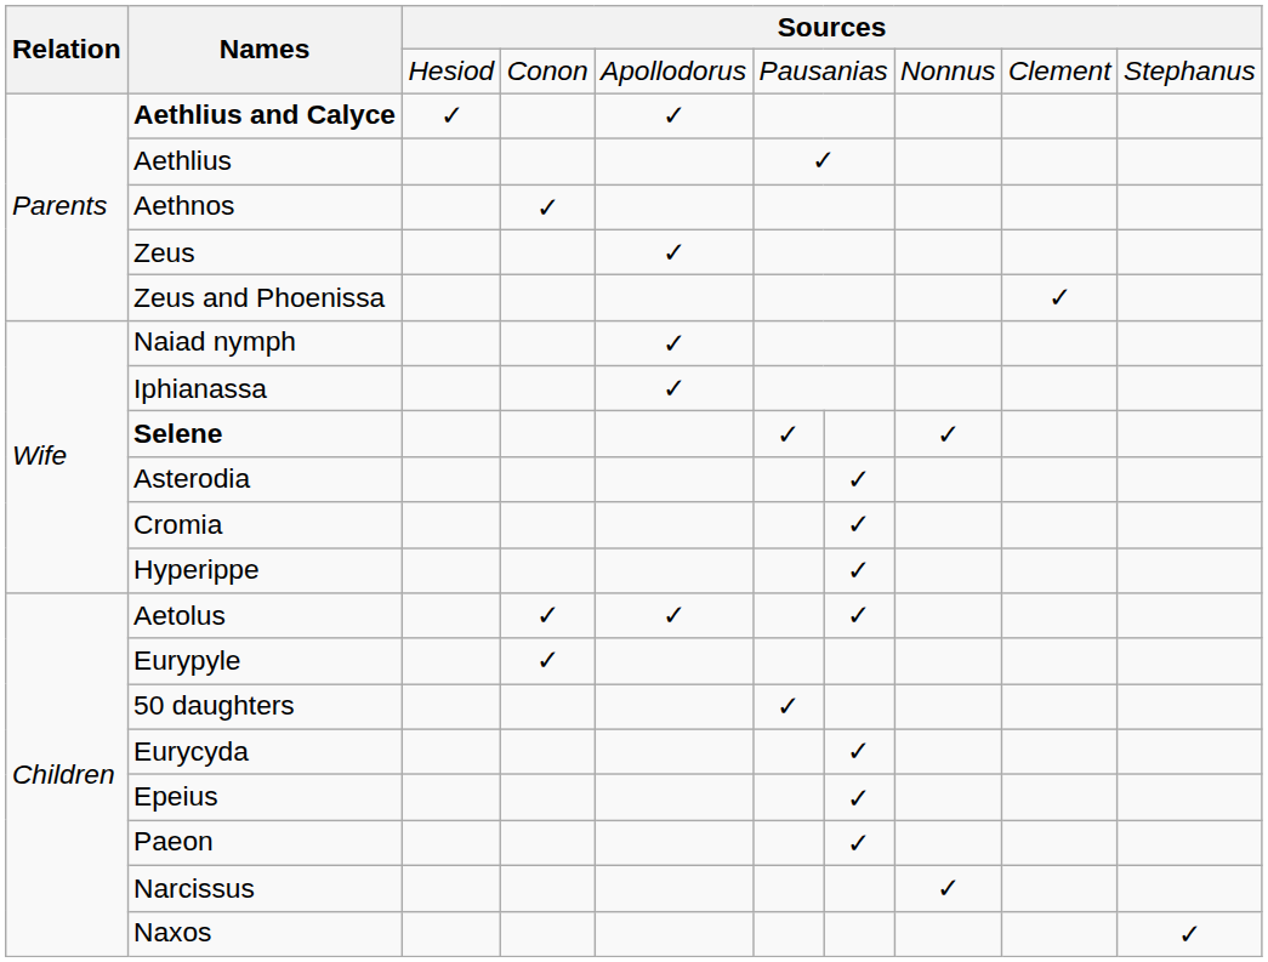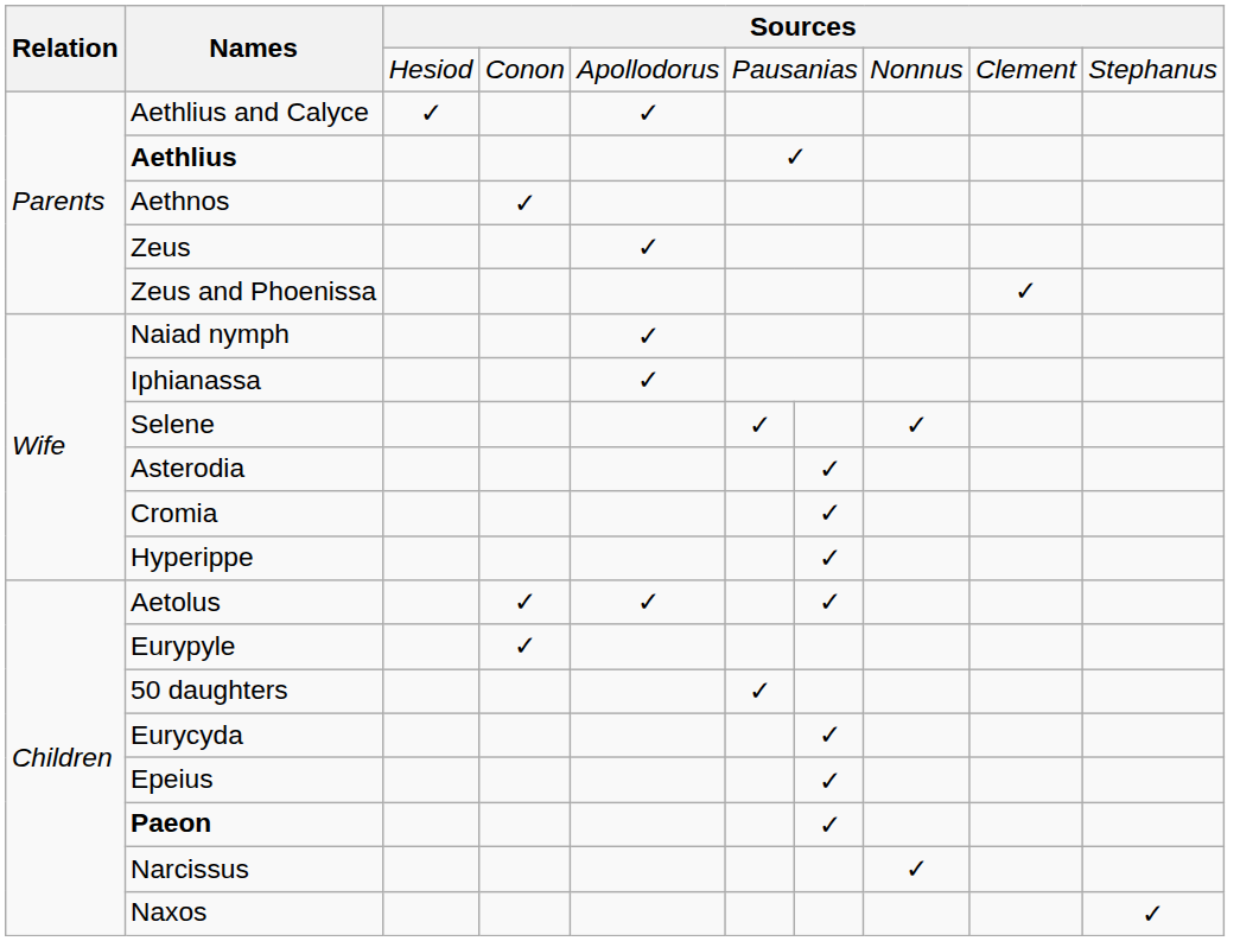 <table class="wikitable">
 <tr>
 <th rowspan="2">Relation</th>
 <th rowspan="2">Names</th>
 <th colspan="8">Sources</th>
 </tr>
 <tr>
 <td><em>Hesiod</em></td>
 <td><em>Conon</em></td>
 <td><em>Apollodorus</em></td>
 <td colspan="2"><em>Pausanias</em></td>
 <td><em>Nonnus</em></td>
 <td><em>Clement</em></td>
 <td><em>Stephanus</em></td>
 </tr>
 <tr>
 <td rowspan="5"><em>Parents</em></td>
-<td><strong>Aethlius and Calyce</strong></td>
+<td>Aethlius and Calyce</td>
 <td style='text-align: center;'>✓</td>
 <td></td>
 <td style='text-align: center;'>✓</td>
 <td colspan="2"></td>
 <td></td>
 <td></td>
 <td></td>
 </tr>
 <tr>
-<td>Aethlius</td>
+<td><strong>Aethlius</strong></td>
 <td></td>
 <td></td>
 <td></td>
 <td colspan="2" style='text-align: center;'>✓</td>
 <td></td>
 <td></td>
 <td></td>
 </tr>
 <tr>
 <td>Aethnos</td>
 <td></td>
 <td style='text-align: center;'>✓</td>
 <td></td>
 <td colspan="2"></td>
 <td></td>
 <td></td>
 <td></td>
 </tr>
 <tr>
 <td>Zeus</td>
 <td></td>
 <td></td>
 <td style='text-align: center;'>✓</td>
 <td colspan="2"></td>
 <td></td>
 <td></td>
 <td></td>
 </tr>
 <tr>
 <td>Zeus and Phoenissa</td>
 <td></td>
 <td></td>
 <td></td>
 <td colspan="2"></td>
 <td></td>
 <td style='text-align: center;'>✓</td>
 <td></td>
 </tr>
 <tr>
 <td rowspan="6"><em>Wife</em></td>
 <td>Naiad nymph</td>
 <td></td>
 <td></td>
 <td style='text-align: center;'>✓</td>
 <td colspan="2"></td>
 <td></td>
 <td></td>
 <td></td>
 </tr>
 <tr>
 <td>Iphianassa</td>
 <td></td>
 <td></td>
 <td style='text-align: center;'>✓</td>
 <td colspan="2"></td>
 <td></td>
 <td></td>
 <td></td>
 </tr>
 <tr>
-<td><strong>Selene</strong></td>
+<td>Selene</td>
 <td></td>
 <td></td>
 <td></td>
 <td style='text-align: center;'>✓</td>
 <td></td>
 <td style='text-align: center;'>✓</td>
 <td></td>
 <td></td>
 </tr>
 <tr>
 <td>Asterodia</td>
 <td></td>
 <td></td>
 <td></td>
 <td></td>
 <td style='text-align: center;'>✓</td>
 <td></td>
 <td></td>
 <td></td>
 </tr>
 <tr>
 <td>Cromia</td>
 <td></td>
 <td></td>
 <td></td>
 <td></td>
 <td style='text-align: center;'>✓</td>
 <td></td>
 <td></td>
 <td></td>
 </tr>
 <tr>
 <td>Hyperippe</td>
 <td></td>
 <td></td>
 <td></td>
 <td></td>
 <td style='text-align: center;'>✓</td>
 <td></td>
 <td></td>
 <td></td>
 </tr>
 <tr>
 <td rowspan="8"><em>Children</em></td>
 <td>Aetolus</td>
 <td></td>
 <td style='text-align: center;'>✓</td>
 <td style='text-align: center;'>✓</td>
 <td></td>
 <td style='text-align: center;'>✓</td>
 <td></td>
 <td></td>
 <td></td>
 </tr>
 <tr>
 <td>Eurypyle</td>
 <td></td>
 <td style='text-align: center;'>✓</td>
 <td></td>
 <td></td>
 <td></td>
 <td></td>
 <td></td>
 <td></td>
 </tr>
 <tr>
 <td>50 daughters</td>
 <td></td>
 <td></td>
 <td></td>
 <td style='text-align: center;'>✓</td>
 <td></td>
 <td></td>
 <td></td>
 <td></td>
 </tr>
 <tr>
 <td>Eurycyda</td>
 <td></td>
 <td></td>
 <td></td>
 <td></td>
 <td style='text-align: center;'>✓</td>
 <td></td>
 <td></td>
 <td></td>
 </tr>
 <tr>
 <td>Epeius</td>
 <td></td>
 <td></td>
 <td></td>
 <td></td>
 <td style='text-align: center;'>✓</td>
 <td></td>
 <td></td>
 <td></td>
 </tr>
 <tr>
-<td>Paeon</td>
+<td><strong>Paeon</strong></td>
 <td></td>
 <td></td>
 <td></td>
 <td></td>
 <td style='text-align: center;'>✓</td>
 <td></td>
 <td></td>
 <td></td>
 </tr>
 <tr>
 <td>Narcissus</td>
 <td></td>
 <td></td>
 <td></td>
 <td></td>
 <td></td>
 <td style='text-align: center;'>✓</td>
 <td></td>
 <td></td>
 </tr>
 <tr>
 <td>Naxos</td>
 <td></td>
 <td></td>
 <td></td>
 <td></td>
 <td></td>
 <td></td>
 <td></td>
 <td style='text-align: center;'>✓</td>
 </tr>
 </table>
